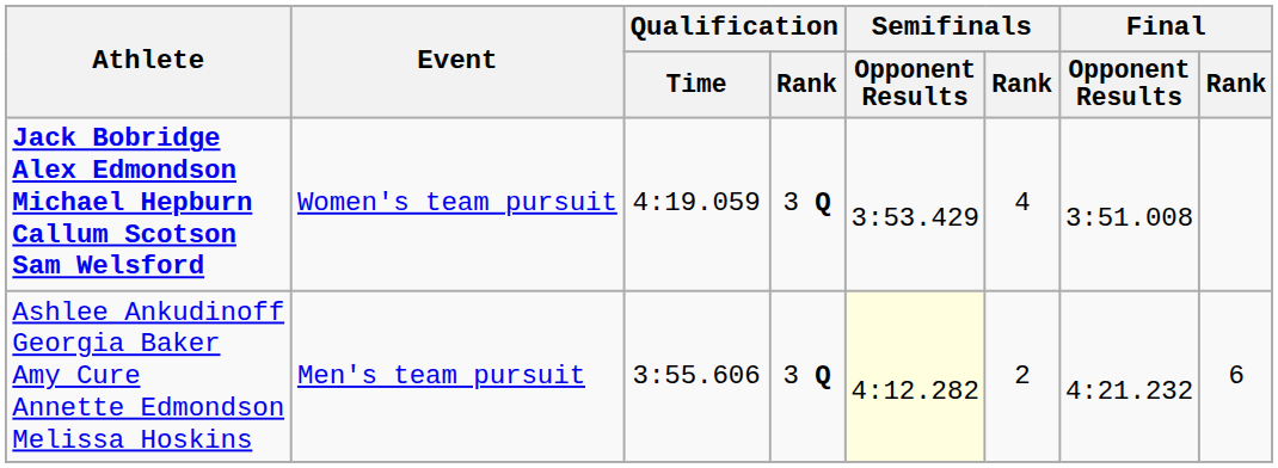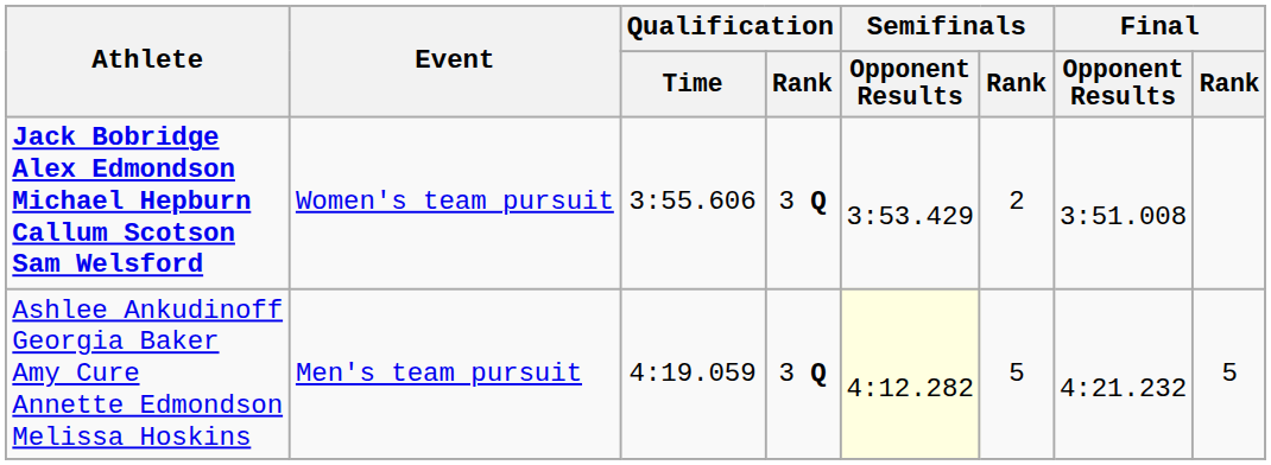 <table class="wikitable" style="font-size:90%">
 <tr>
 <th rowspan=2>Athlete</th>
 <th rowspan=2>Event</th>
 <th colspan=2>Qualification</th>
 <th colspan=2>Semifinals</th>
 <th colspan=2>Final</th>
 </tr>
 <tr style="font-size:95%">
 <th>Time</th>
 <th>Rank</th>
 <th>Opponent<br>Results</th>
 <th>Rank</th>
 <th>Opponent<br>Results</th>
 <th>Rank</th>
 </tr>
 <tr align=center>
 <td align=left><strong><a href='#'>Jack Bobridge</a><br><a href='#'>Alex Edmondson</a><br><a href='#'>Michael Hepburn</a><br><a href='#'>Callum Scotson</a><br><a href='#'>Sam Welsford</a></strong></td>
 <td align=left><a href='#'>Women's team pursuit</a></td>
-<td>4:19.059</td>
+<td>3:55.606</td>
 <td>3 <strong>Q</strong></td>
 <td><br>3:53.429</td>
-<td>4</td>
+<td>2</td>
 <td><br>3:51.008</td>
 <td></td>
 </tr>
 <tr align=center>
 <td align=left><a href='#'>Ashlee Ankudinoff</a><br><a href='#'>Georgia Baker</a><br><a href='#'>Amy Cure</a><br><a href='#'>Annette Edmondson</a><br><a href='#'>Melissa Hoskins</a></td>
 <td align=left><a href='#'>Men's team pursuit</a></td>
-<td>3:55.606</td>
+<td>4:19.059</td>
 <td>3 <strong>Q</strong></td>
 <td style="background: lightyellow;"><br>4:12.282</td>
-<td>2</td>
+<td>5</td>
 <td><br>4:21.232</td>
-<td>6</td>
+<td>5</td>
 </tr>
 </table>
